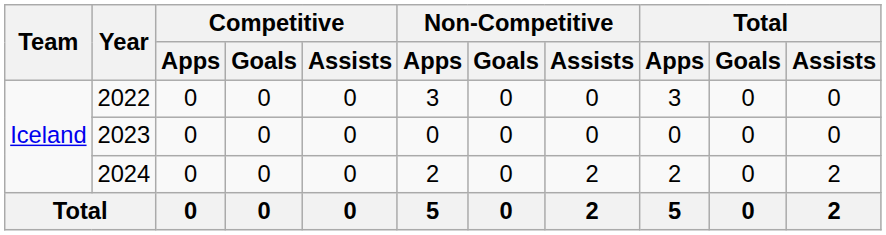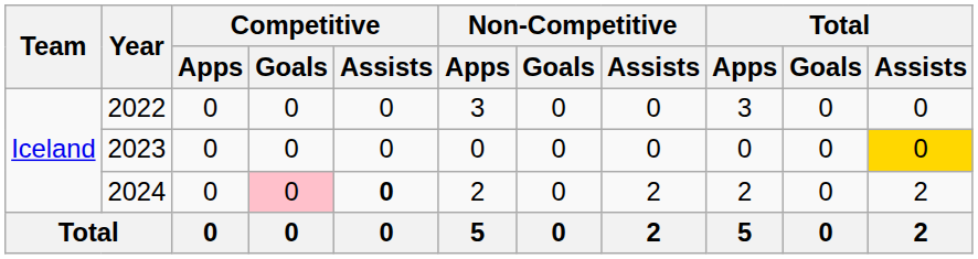 <table class="wikitable" style="text-align:center">
 <tr>
 <th rowspan="2">Team</th>
 <th rowspan="2">Year</th>
 <th colspan="3">Competitive</th>
 <th colspan="3">Non-Competitive</th>
 <th colspan="3">Total</th>
 </tr>
 <tr>
 <th>Apps</th>
 <th>Goals</th>
 <th>Assists</th>
 <th>Apps</th>
 <th>Goals</th>
 <th>Assists</th>
 <th>Apps</th>
 <th>Goals</th>
 <th>Assists</th>
 </tr>
 <tr>
 <td rowspan="3"><a href='#'>Iceland</a></td>
 <td>2022</td>
 <td>0</td>
 <td>0</td>
 <td>0</td>
 <td>3</td>
 <td>0</td>
 <td>0</td>
 <td>3</td>
 <td>0</td>
 <td>0</td>
 </tr>
 <tr>
 <td>2023</td>
 <td>0</td>
 <td>0</td>
 <td>0</td>
 <td>0</td>
 <td>0</td>
 <td>0</td>
 <td>0</td>
 <td>0</td>
-<td>0</td>
+<td style="background: gold;">0</td>
 </tr>
 <tr>
 <td>2024</td>
 <td>0</td>
-<td>0</td>
-<td>0</td>
+<td style="background: pink;">0</td>
+<td><strong>0</strong></td>
 <td>2</td>
 <td>0</td>
 <td>2</td>
 <td>2</td>
 <td>0</td>
 <td>2</td>
 </tr>
 <tr>
 <th colspan="2">Total</th>
 <th>0</th>
 <th>0</th>
 <th>0</th>
 <th>5</th>
 <th>0</th>
 <th>2</th>
 <th>5</th>
 <th>0</th>
 <th>2</th>
 </tr>
 </table>
